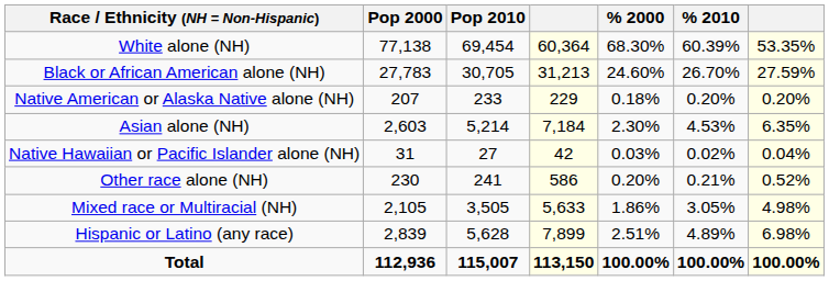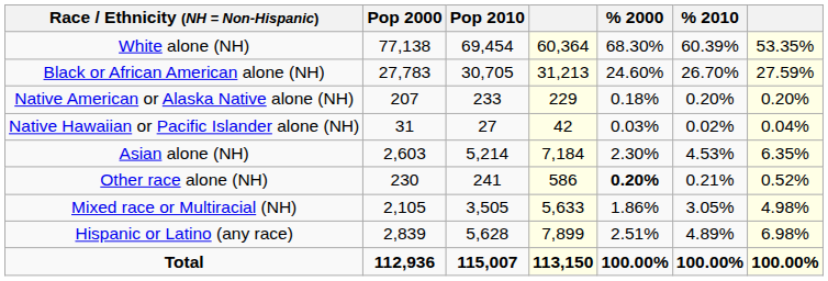 <table class="wikitable" style="text-align:center;">
 <tr>
 <th>Race / Ethnicity <small>(<em>NH = Non-Hispanic</em>)</small></th>
 <th>Pop 2000</th>
 <th>Pop 2010</th>
 <th></th>
 <th>% 2000</th>
 <th>% 2010</th>
 <th></th>
 </tr>
 <tr>
 <td><a href='#'>White</a> alone (NH)</td>
 <td>77,138</td>
 <td>69,454</td>
 <td style='background: #ffffe6;'>60,364</td>
 <td>68.30%</td>
 <td>60.39%</td>
 <td style='background: #ffffe6;'>53.35%</td>
 </tr>
 <tr>
 <td><a href='#'>Black or African American</a> alone (NH)</td>
 <td>27,783</td>
 <td>30,705</td>
 <td style='background: #ffffe6;'>31,213</td>
 <td>24.60%</td>
 <td>26.70%</td>
 <td style='background: #ffffe6;'>27.59%</td>
 </tr>
 <tr>
 <td><a href='#'>Native American</a> or <a href='#'>Alaska Native</a> alone (NH)</td>
 <td>207</td>
 <td>233</td>
 <td style='background: #ffffe6;'>229</td>
 <td>0.18%</td>
 <td>0.20%</td>
 <td style='background: #ffffe6;'>0.20%</td>
 </tr>
 <tr>
+<td><a href='#'>Native Hawaiian</a> or <a href='#'>Pacific Islander</a> alone (NH)</td>
+<td>31</td>
+<td>27</td>
+<td style='background: #ffffe6;'>42</td>
+<td>0.03%</td>
+<td>0.02%</td>
+<td style='background: #ffffe6;'>0.04%</td>
+</tr>
+<tr>
 <td><a href='#'>Asian</a> alone (NH)</td>
 <td>2,603</td>
 <td>5,214</td>
 <td style='background: #ffffe6;'>7,184</td>
 <td>2.30%</td>
 <td>4.53%</td>
 <td style='background: #ffffe6;'>6.35%</td>
 </tr>
 <tr>
-<td><a href='#'>Native Hawaiian</a> or <a href='#'>Pacific Islander</a> alone (NH)</td>
-<td>31</td>
-<td>27</td>
-<td style='background: #ffffe6;'>42</td>
-<td>0.03%</td>
-<td>0.02%</td>
-<td style='background: #ffffe6;'>0.04%</td>
-</tr>
-<tr>
 <td><a href='#'>Other race</a> alone (NH)</td>
 <td>230</td>
 <td>241</td>
 <td style='background: #ffffe6;'>586</td>
-<td>0.20%</td>
+<td><strong>0.20%</strong></td>
 <td>0.21%</td>
 <td style='background: #ffffe6;'>0.52%</td>
 </tr>
 <tr>
 <td><a href='#'>Mixed race or Multiracial</a> (NH)</td>
 <td>2,105</td>
 <td>3,505</td>
 <td style='background: #ffffe6;'>5,633</td>
 <td>1.86%</td>
 <td>3.05%</td>
 <td style='background: #ffffe6;'>4.98%</td>
 </tr>
 <tr>
 <td><a href='#'>Hispanic or Latino</a> (any race)</td>
 <td>2,839</td>
 <td>5,628</td>
 <td style='background: #ffffe6;'>7,899</td>
 <td>2.51%</td>
 <td>4.89%</td>
 <td style='background: #ffffe6;'>6.98%</td>
 </tr>
 <tr>
 <td><strong>Total</strong></td>
 <td><strong>112,936</strong></td>
 <td><strong>115,007</strong></td>
 <td style='background: #ffffe6;'><strong>113,150</strong></td>
 <td><strong>100.00%</strong></td>
 <td><strong>100.00%</strong></td>
 <td style='background: #ffffe6;'><strong>100.00%</strong></td>
 </tr>
 </table>
